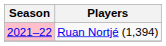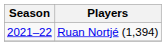 <table class="wikitable sortable">
 <tr>
 <th>Season</th>
 <th>Players</th>
 </tr>
 <tr>
-<td style="background: pink;"><a href='#'>2021–22</a></td>
+<td><a href='#'>2021–22</a></td>
 <td><a href='#'>Ruan Nortjé</a> (1,394)</td>
 </tr>
 <tr>
 </tr>
 </table>
